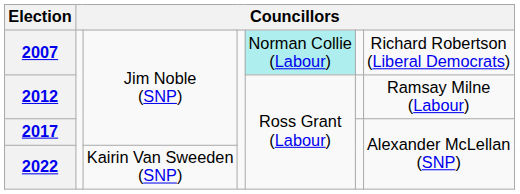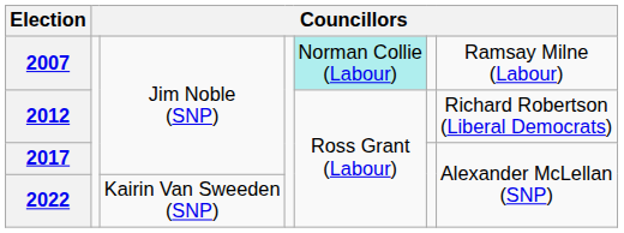 <table class="wikitable" style="text-align:center">
 <tr>
 <th>Election</th>
 <th colspan=8>Councillors</th>
 </tr>
 <tr>
 <th><a href='#'>2007</a></th>
 <td rowspan=4; style="background-color: "></td>
 <td rowspan=3>Jim Noble<br>(<a href='#'>SNP</a>)</td>
 <td rowspan=4; style="background-color: "></td>
 <td rowspan=1 style="background: paleturquoise;">Norman Collie<br>(<a href='#'>Labour</a>)</td>
 <td rowspan=1; style="background-color: "></td>
-<td rowspan=1>Richard Robertson<br>(<a href='#'>Liberal Democrats</a>)</td>
+<td rowspan=1>Ramsay Milne<br>(<a href='#'>Labour</a>)</td>
 </tr>
 <tr>
 <th><a href='#'>2012</a></th>
 <td rowspan=3>Ross Grant<br>(<a href='#'>Labour</a>)</td>
 <td rowspan=1; style="background-color: "></td>
-<td rowspan=1>Ramsay Milne<br>(<a href='#'>Labour</a>)</td>
+<td rowspan=1>Richard Robertson<br>(<a href='#'>Liberal Democrats</a>)</td>
 </tr>
 <tr>
 <th><a href='#'>2017</a></th>
 <td rowspan=2; style="background-color: "></td>
 <td rowspan=2>Alexander McLellan<br>(<a href='#'>SNP</a>)</td>
 </tr>
 <tr>
 <th><a href='#'>2022</a></th>
 <td rowspan=1>Kairin Van Sweeden<br>(<a href='#'>SNP</a>)</td>
 </tr>
 </table>
